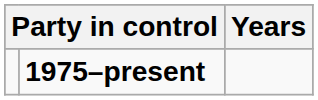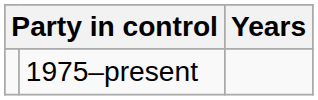 <table class="wikitable">
 <tr>
 <th colspan="2">Party in control</th>
 <th>Years</th>
 </tr>
 <tr>
 <td></td>
-<td><strong>1975–present</strong></td>
+<td>1975–present</td>
 </tr>
 </table>
